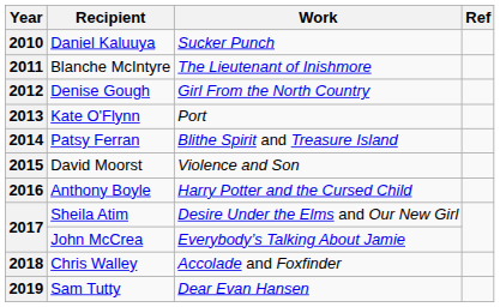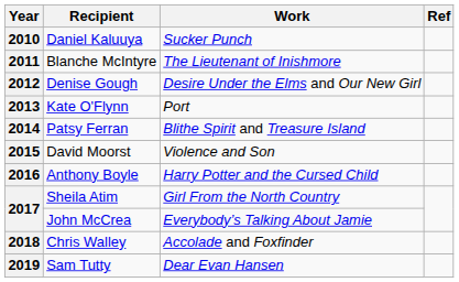 <table class="wikitable">
 <tr>
 <th>Year</th>
 <th>Recipient</th>
 <th>Work</th>
 <th>Ref</th>
 </tr>
 <tr>
 <th>2010</th>
 <td><a href='#'>Daniel Kaluuya</a></td>
 <td><em><a href='#'>Sucker Punch</a></em></td>
 <td></td>
 </tr>
 <tr>
 <th>2011</th>
 <td>Blanche McIntyre</td>
 <td><em><a href='#'>The Lieutenant of Inishmore</a></em></td>
 <td></td>
 </tr>
 <tr>
 <th>2012</th>
 <td><a href='#'>Denise Gough</a></td>
-<td><em><a href='#'>Girl From the North Country</a></em></td>
+<td><em><a href='#'>Desire Under the Elms</a></em> and <em>Our New Girl</em></td>
 <td></td>
 </tr>
 <tr>
 <th>2013</th>
 <td><a href='#'>Kate O'Flynn</a></td>
 <td><em>Port</em></td>
 <td></td>
 </tr>
 <tr>
 <th>2014</th>
 <td><a href='#'>Patsy Ferran</a></td>
 <td><em><a href='#'>Blithe Spirit</a></em> and <em><a href='#'>Treasure Island</a></em></td>
 <td></td>
 </tr>
 <tr>
 <th>2015</th>
 <td>David Moorst</td>
 <td><em>Violence and Son</em></td>
 <td></td>
 </tr>
 <tr>
 <th>2016</th>
 <td><a href='#'>Anthony Boyle</a></td>
 <td><em><a href='#'>Harry Potter and the Cursed Child</a></em></td>
 <td></td>
 </tr>
 <tr>
 <th rowspan="2">2017</th>
 <td><a href='#'>Sheila Atim</a></td>
-<td><em><a href='#'>Desire Under the Elms</a></em> and <em>Our New Girl</em></td>
+<td><em><a href='#'>Girl From the North Country</a></em></td>
 <td rowspan="2"></td>
 </tr>
 <tr>
 <td><a href='#'>John McCrea</a></td>
 <td><em><a href='#'>Everybody’s Talking About Jamie</a></em></td>
 </tr>
 <tr>
 <th>2018</th>
 <td><a href='#'>Chris Walley</a></td>
 <td><em><a href='#'>Accolade</a></em> and <em>Foxfinder</em></td>
 <td></td>
 </tr>
 <tr>
 <th>2019</th>
 <td><a href='#'>Sam Tutty</a></td>
 <td><em><a href='#'>Dear Evan Hansen</a></em></td>
 <td></td>
 </tr>
 </table>
